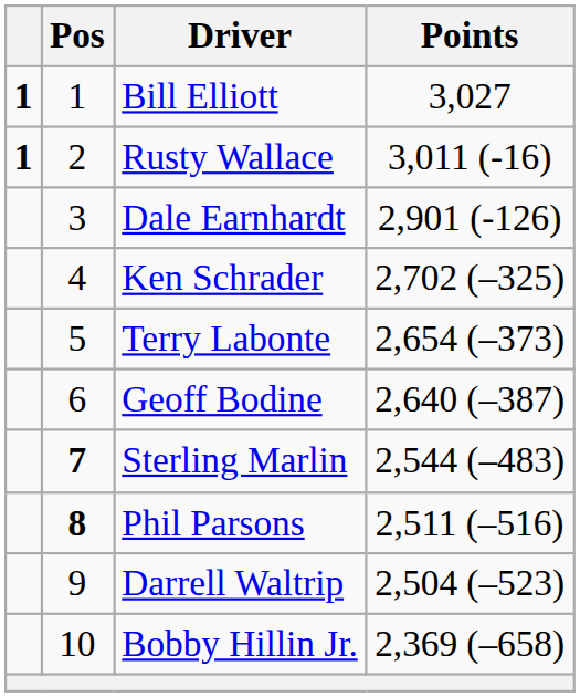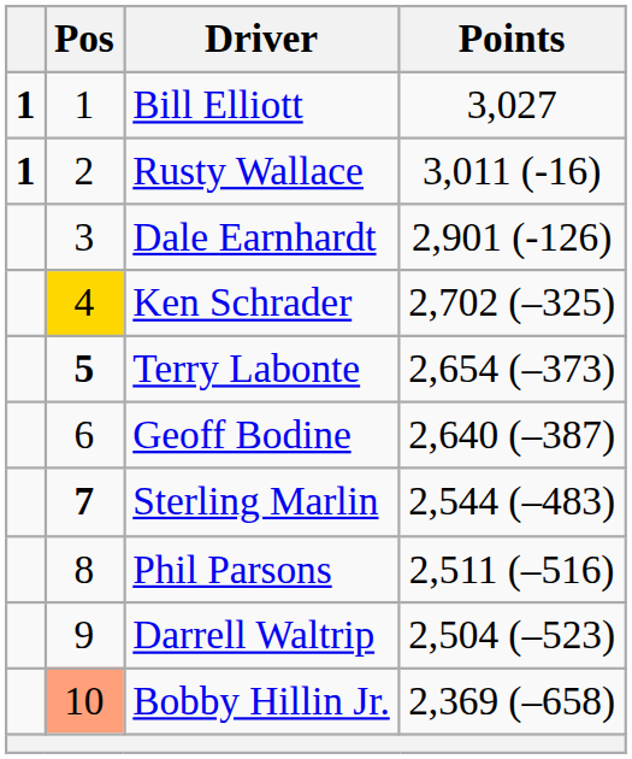 <table class="wikitable" style="font-size: 95%;">
 <tr>
 <th></th>
 <th>Pos</th>
 <th>Driver</th>
 <th>Points</th>
 </tr>
 <tr>
 <td align="left">  <strong>1</strong></td>
 <td style="text-align:center;">1</td>
 <td><a href='#'>Bill Elliott</a></td>
 <td style="text-align:center;">3,027</td>
 </tr>
 <tr>
 <td align="left">  <strong>1</strong></td>
 <td style="text-align:center;">2</td>
 <td><a href='#'>Rusty Wallace</a></td>
 <td style="text-align:center;">3,011 (-16)</td>
 </tr>
 <tr>
 <td align="left"></td>
 <td style="text-align:center;">3</td>
 <td><a href='#'>Dale Earnhardt</a></td>
 <td style="text-align:center;">2,901 (-126)</td>
 </tr>
 <tr>
 <td align="left"></td>
-<td style="text-align:center;">4</td>
+<td style="background: gold; text-align:center;">4</td>
 <td><a href='#'>Ken Schrader</a></td>
 <td style="text-align:center;">2,702 (–325)</td>
 </tr>
 <tr>
 <td align="left"></td>
-<td style="text-align:center;">5</td>
+<td style="text-align:center;"><strong>5</strong></td>
 <td><a href='#'>Terry Labonte</a></td>
 <td style="text-align:center;">2,654 (–373)</td>
 </tr>
 <tr>
 <td align="left"></td>
 <td style="text-align:center;">6</td>
 <td><a href='#'>Geoff Bodine</a></td>
 <td style="text-align:center;">2,640 (–387)</td>
 </tr>
 <tr>
 <td align="left"></td>
 <td style="text-align:center;"><strong>7</strong></td>
 <td><a href='#'>Sterling Marlin</a></td>
 <td style="text-align:center;">2,544 (–483)</td>
 </tr>
 <tr>
 <td align="left"></td>
-<td style="text-align:center;"><strong>8</strong></td>
+<td style="text-align:center;">8</td>
 <td><a href='#'>Phil Parsons</a></td>
 <td style="text-align:center;">2,511 (–516)</td>
 </tr>
 <tr>
 <td align="left"></td>
 <td style="text-align:center;">9</td>
 <td><a href='#'>Darrell Waltrip</a></td>
 <td style="text-align:center;">2,504 (–523)</td>
 </tr>
 <tr>
 <td align="left"></td>
-<td style="text-align:center;">10</td>
+<td style="background: lightsalmon; text-align:center;">10</td>
 <td><a href='#'>Bobby Hillin Jr.</a></td>
 <td style="text-align:center;">2,369 (–658)</td>
 </tr>
 <tr class="sortbottom">
 <th colspan="9"></th>
 </tr>
 </table>
